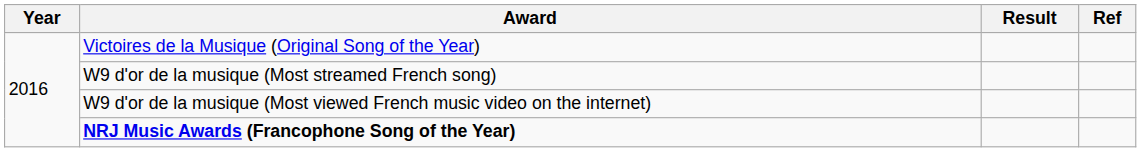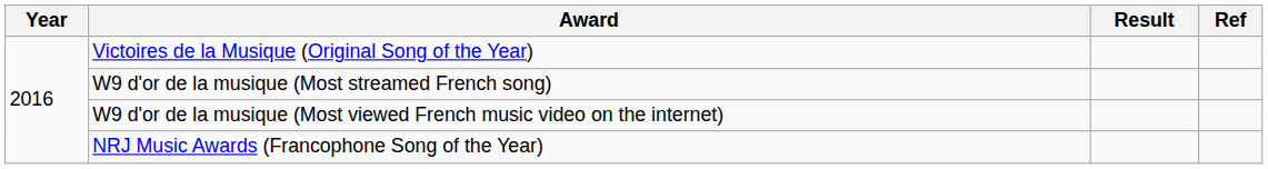 <table class="wikitable" style="font-size:99%; text-align:left;" width="80%" "class="wikitable">
 <tr>
 <th>Year</th>
 <th>Award</th>
 <th>Result</th>
 <th>Ref</th>
 </tr>
 <tr>
 <td rowspan="4">2016</td>
 <td><a href='#'>Victoires de la Musique</a> (<a href='#'>Original Song of the Year</a>)</td>
 <td></td>
 <td></td>
 </tr>
 <tr>
 <td>W9 d'or de la musique (Most streamed French song)</td>
 <td></td>
 <td></td>
 </tr>
 <tr>
 <td>W9 d'or de la musique (Most viewed French music video on the internet)</td>
 <td></td>
 <td></td>
 </tr>
 <tr>
-<td><strong><a href='#'>NRJ Music Awards</a> (Francophone Song of the Year)</strong></td>
+<td><a href='#'>NRJ Music Awards</a> (Francophone Song of the Year)</td>
 <td></td>
 <td></td>
 </tr>
 </table>
